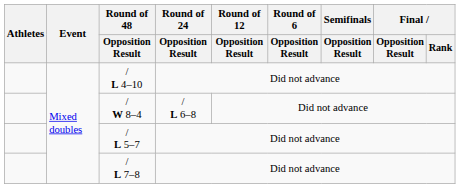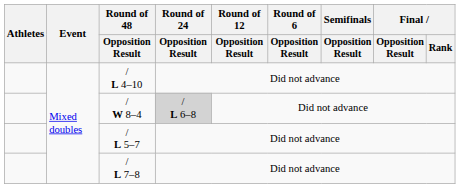 <table class="wikitable" style="font-size:90%; text-align:center;">
 <tr>
 <th rowspan=2>Athletes</th>
 <th rowspan=2>Event</th>
 <th>Round of 48</th>
 <th>Round of 24</th>
 <th>Round of 12</th>
 <th>Round of 6</th>
 <th>Semifinals</th>
 <th colspan=2>Final / </th>
 </tr>
 <tr style="font-size:95%">
 <th>Opposition<br>Result</th>
 <th>Opposition<br>Result</th>
 <th>Opposition<br>Result</th>
 <th>Opposition<br>Result</th>
 <th>Opposition<br>Result</th>
 <th>Opposition<br>Result</th>
 <th>Rank</th>
 </tr>
 <tr>
 <td align=left><br></td>
 <td align=left rowspan=4><a href='#'>Mixed doubles</a></td>
 <td> / <br><strong>L</strong> 4–10</td>
 <td colspan=6>Did not advance</td>
 </tr>
 <tr>
 <td align=left><br></td>
 <td> / <br><strong>W</strong> 8–4</td>
-<td> / <br><strong>L</strong> 6–8</td>
+<td style="background: lightgrey;"> / <br><strong>L</strong> 6–8</td>
 <td colspan=5>Did not advance</td>
 </tr>
 <tr>
 <td align=left><br></td>
 <td> / <br><strong>L</strong> 5–7</td>
 <td colspan=6>Did not advance</td>
 </tr>
 <tr>
 <td align=left><br></td>
 <td> / <br><strong>L</strong> 7–8</td>
 <td colspan=6>Did not advance</td>
 </tr>
 </table>
